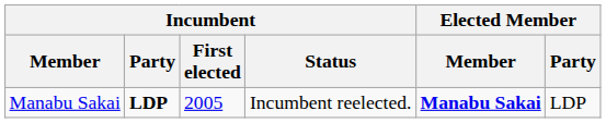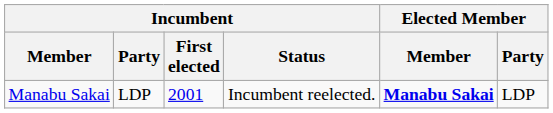 <table class="wikitable sortable">
 <tr>
 <th colspan=4>Incumbent</th>
 <th colspan=2>Elected Member</th>
 </tr>
 <tr>
 <th>Member</th>
 <th>Party</th>
 <th>First<br>elected</th>
 <th>Status</th>
 <th>Member</th>
 <th>Party</th>
 </tr>
 <tr>
 <td><a href='#'>Manabu Sakai</a></td>
-<td><strong>LDP</strong></td>
-<td><a href='#'>2005</a></td>
+<td>LDP</td>
+<td><a href='#'>2001</a></td>
 <td>Incumbent reelected.</td>
 <td><strong><a href='#'>Manabu Sakai</a></strong></td>
 <td>LDP</td>
 </tr>
 </table>
